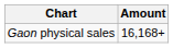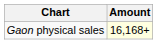 <table class="wikitable">
 <tr>
 <th>Chart</th>
 <th>Amount</th>
 </tr>
 <tr>
 <td><em>Gaon</em> physical sales</td>
-<td align="center">16,168+</td>
+<td align="center" style="background: lightyellow;">16,168+</td>
 </tr>
 </table>
